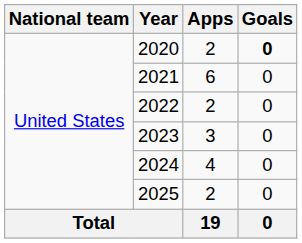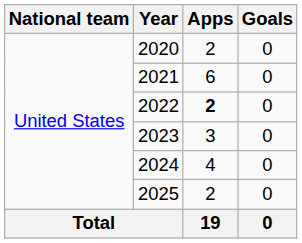 <table class="wikitable" style="text-align:center">
 <tr>
 <th>National team</th>
 <th>Year</th>
 <th>Apps</th>
 <th>Goals</th>
 </tr>
 <tr>
 <td rowspan="6"><a href='#'>United States</a></td>
 <td>2020</td>
 <td>2</td>
-<td><strong>0</strong></td>
+<td>0</td>
 </tr>
 <tr>
 <td>2021</td>
 <td>6</td>
 <td>0</td>
 </tr>
 <tr>
 <td>2022</td>
-<td>2</td>
+<td><strong>2</strong></td>
 <td>0</td>
 </tr>
 <tr>
 <td>2023</td>
 <td>3</td>
 <td>0</td>
 </tr>
 <tr>
 <td>2024</td>
 <td>4</td>
 <td>0</td>
 </tr>
 <tr>
 <td>2025</td>
 <td>2</td>
 <td>0</td>
 </tr>
 <tr>
 <th colspan="2">Total</th>
 <th>19</th>
 <th>0</th>
 </tr>
 </table>
